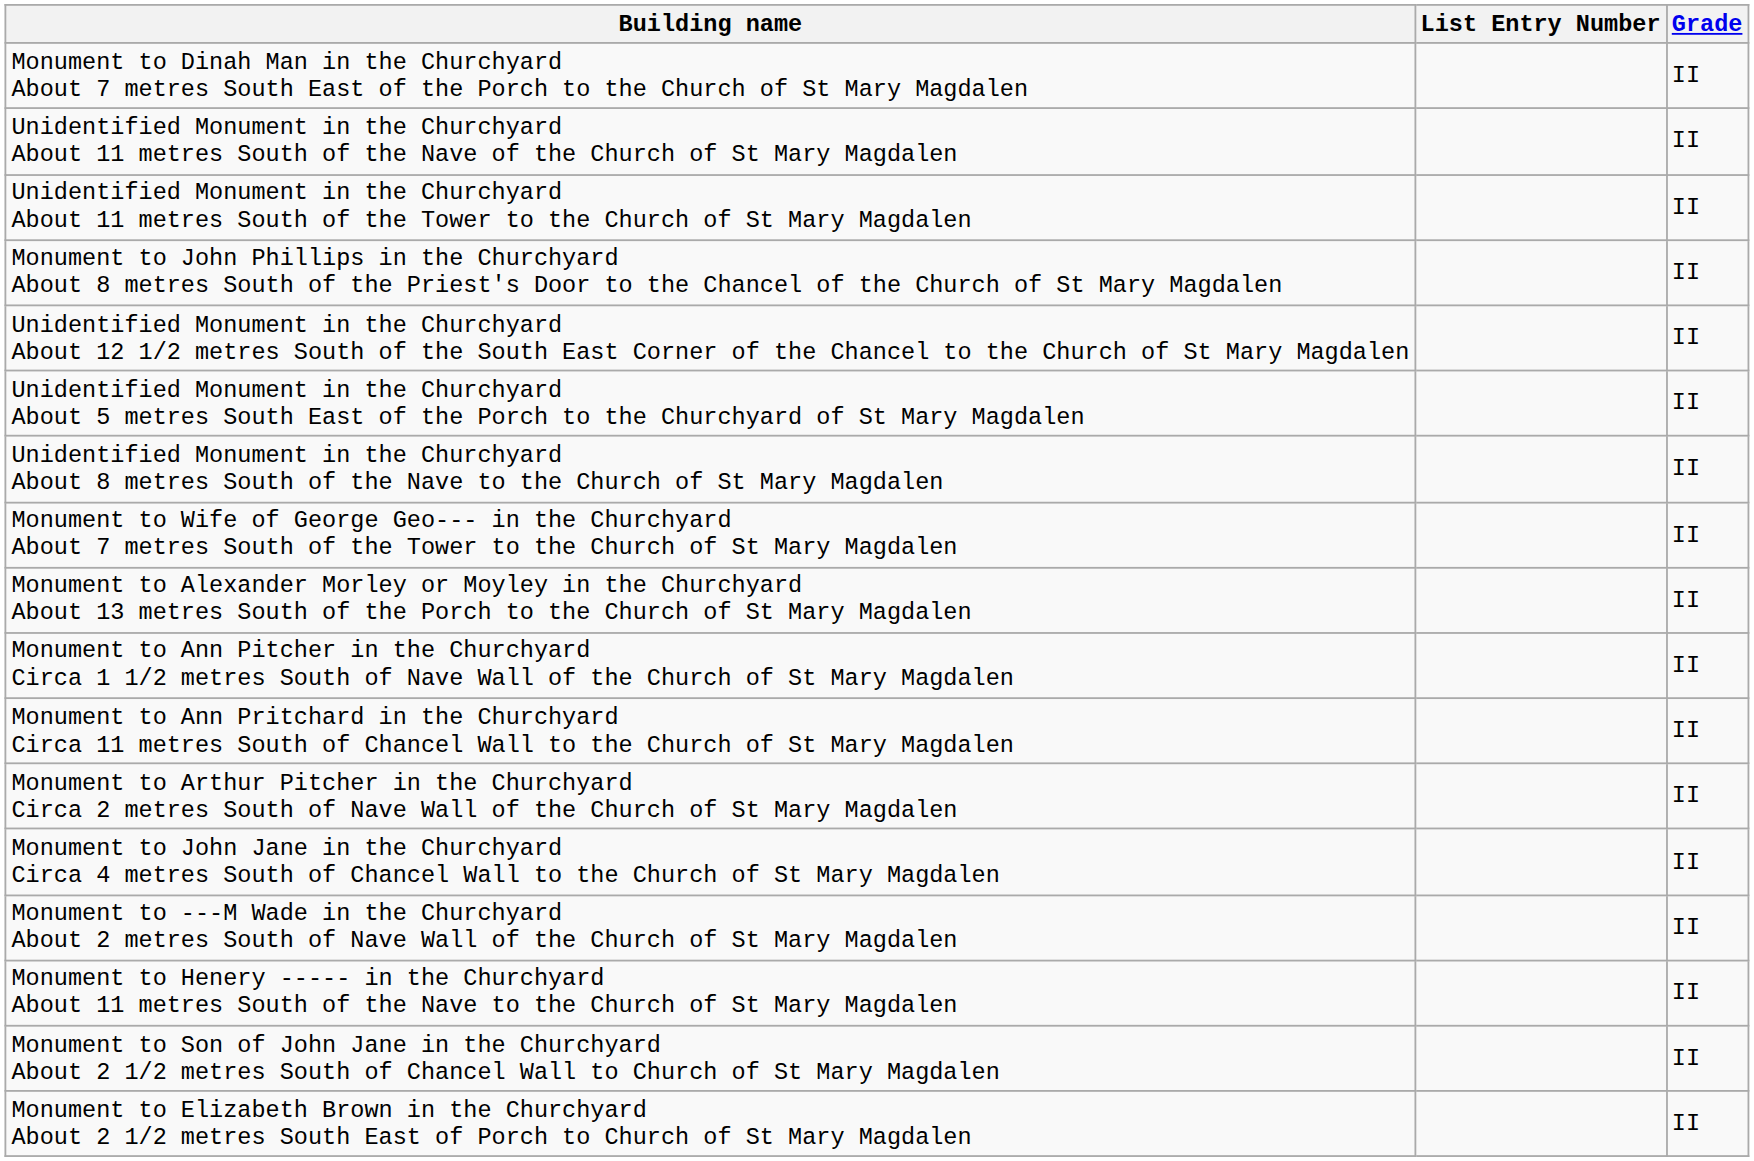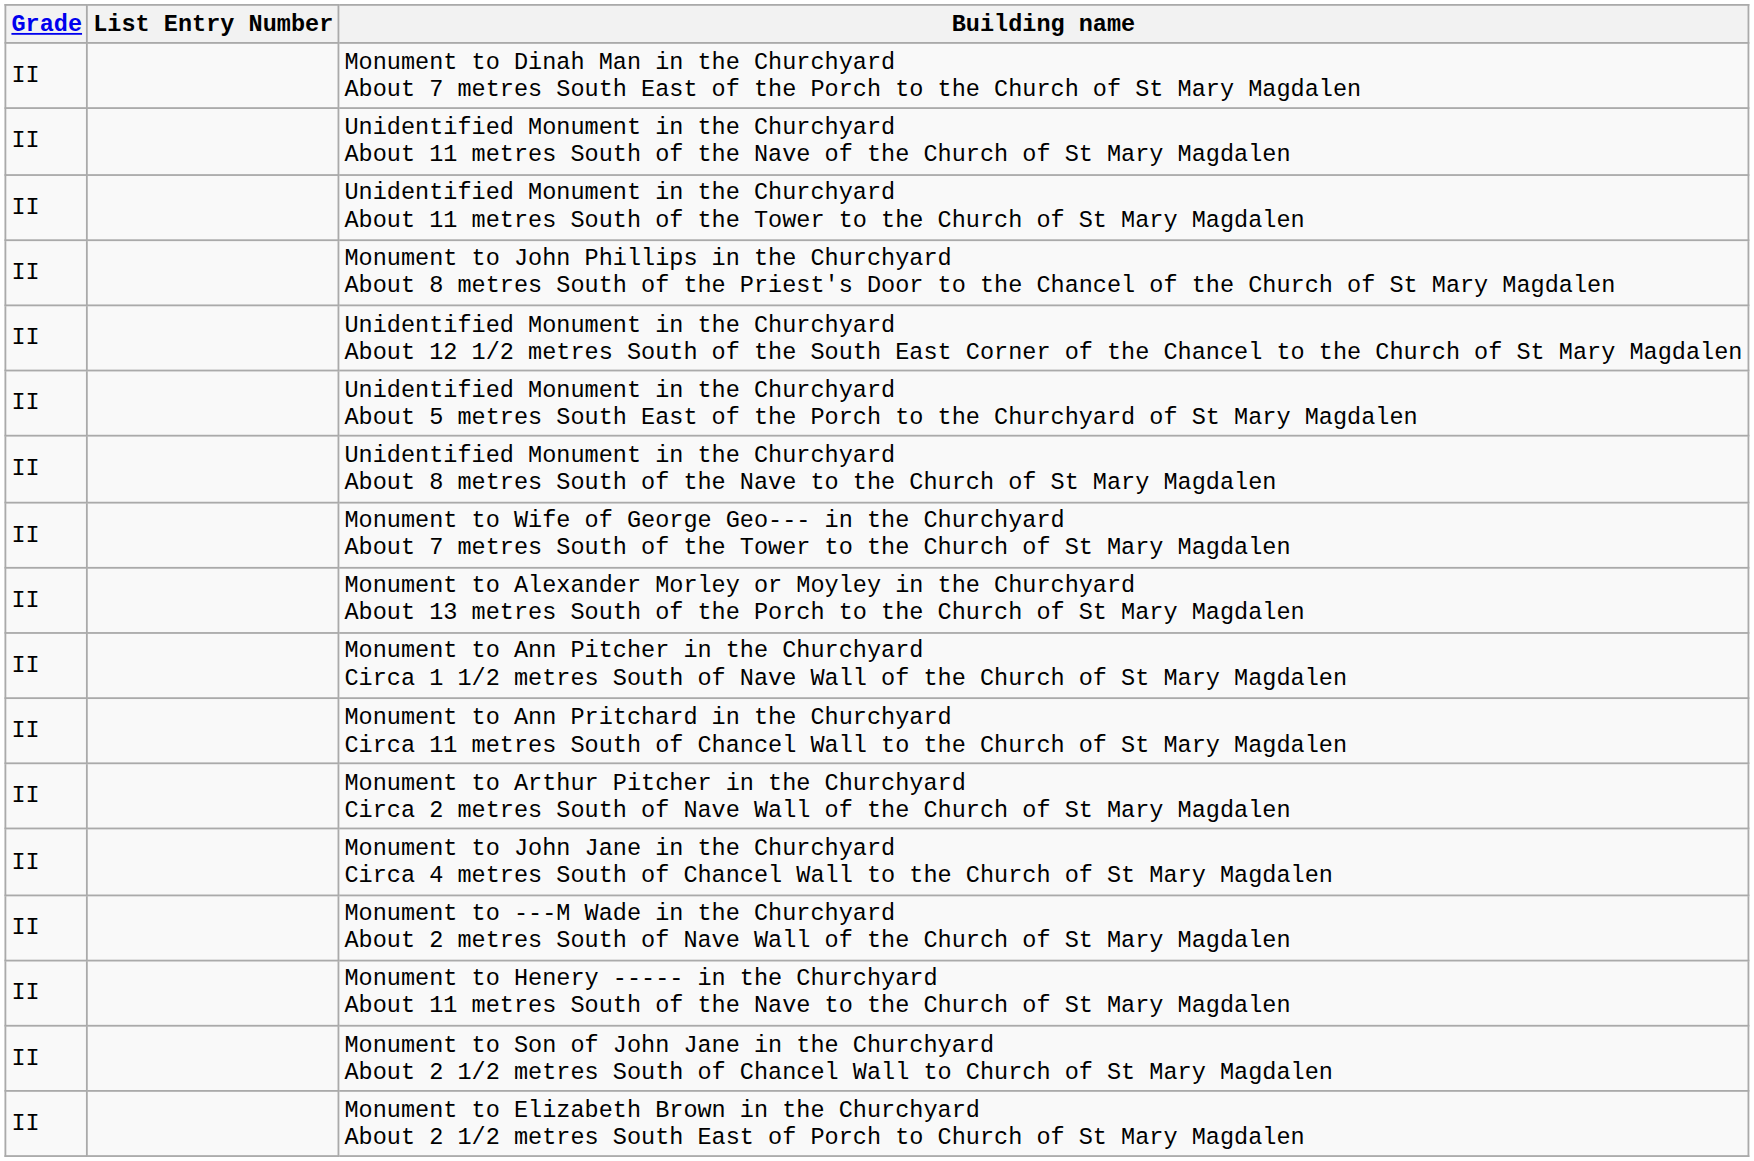 <table class="wikitable" style="margin-left: auto; margin-right: auto; border: none;">
 <tr>
+<th><a href='#'>Grade</a></th>
+<th>List Entry Number</th>
 <th>Building name</th>
-<th>List Entry Number</th>
-<th><a href='#'>Grade</a></th>
 </tr>
 <tr>
+<td>II</td>
+<td></td>
 <td>Monument to Dinah Man in the Churchyard<br>About 7 metres South East of the Porch to the Church of St Mary Magdalen</td>
-<td></td>
-<td>II</td>
 </tr>
 <tr>
+<td>II</td>
+<td></td>
 <td>Unidentified Monument in the Churchyard<br>About 11 metres South of the Nave of the Church of St Mary Magdalen</td>
-<td></td>
-<td>II</td>
 </tr>
 <tr>
+<td>II</td>
+<td></td>
 <td>Unidentified Monument in the Churchyard<br>About 11 metres South of the Tower to the Church of St Mary Magdalen</td>
-<td></td>
-<td>II</td>
 </tr>
 <tr>
+<td>II</td>
+<td></td>
 <td>Monument to John Phillips in the Churchyard<br>About 8 metres South of the Priest's Door to the Chancel of the Church of St Mary Magdalen</td>
-<td></td>
-<td>II</td>
 </tr>
 <tr>
+<td>II</td>
+<td></td>
 <td>Unidentified Monument in the Churchyard<br>About 12 1/2 metres South of the South East Corner of the Chancel to the Church of St Mary Magdalen</td>
-<td></td>
-<td>II</td>
 </tr>
 <tr>
+<td>II</td>
+<td></td>
 <td>Unidentified Monument in the Churchyard<br>About 5 metres South East of the Porch to the Churchyard of St Mary Magdalen</td>
-<td></td>
-<td>II</td>
 </tr>
 <tr>
+<td>II</td>
+<td></td>
 <td>Unidentified Monument in the Churchyard<br>About 8 metres South of the Nave to the Church of St Mary Magdalen</td>
-<td></td>
-<td>II</td>
 </tr>
 <tr>
+<td>II</td>
+<td></td>
 <td>Monument to Wife of George Geo--- in the Churchyard<br>About 7 metres South of the Tower to the Church of St Mary Magdalen</td>
-<td></td>
-<td>II</td>
 </tr>
 <tr>
+<td>II</td>
+<td></td>
 <td>Monument to Alexander Morley or Moyley in the Churchyard<br>About 13 metres South of the Porch to the Church of St Mary Magdalen</td>
-<td></td>
-<td>II</td>
 </tr>
 <tr>
+<td>II</td>
+<td></td>
 <td>Monument to Ann Pitcher in the Churchyard<br>Circa 1 1/2 metres South of Nave Wall of the Church of St Mary Magdalen</td>
-<td></td>
-<td>II</td>
 </tr>
 <tr>
+<td>II</td>
+<td></td>
 <td>Monument to Ann Pritchard in the Churchyard<br>Circa 11 metres South of Chancel Wall to the Church of St Mary Magdalen</td>
-<td></td>
-<td>II</td>
 </tr>
 <tr>
+<td>II</td>
+<td></td>
 <td>Monument to Arthur Pitcher in the Churchyard<br>Circa 2 metres South of Nave Wall of the Church of St Mary Magdalen</td>
-<td></td>
-<td>II</td>
 </tr>
 <tr>
+<td>II</td>
+<td></td>
 <td>Monument to John Jane in the Churchyard<br>Circa 4 metres South of Chancel Wall to the Church of St Mary Magdalen</td>
-<td></td>
-<td>II</td>
 </tr>
 <tr>
+<td>II</td>
+<td></td>
 <td>Monument to ---M Wade in the Churchyard<br>About 2 metres South of Nave Wall of the Church of St Mary Magdalen</td>
-<td></td>
-<td>II</td>
 </tr>
 <tr>
+<td>II</td>
+<td></td>
 <td>Monument to Henery ----- in the Churchyard<br>About 11 metres South of the Nave to the Church of St Mary Magdalen</td>
-<td></td>
-<td>II</td>
 </tr>
 <tr>
+<td>II</td>
+<td></td>
 <td>Monument to Son of John Jane in the Churchyard<br>About 2 1/2 metres South of Chancel Wall to Church of St Mary Magdalen</td>
-<td></td>
-<td>II</td>
 </tr>
 <tr>
+<td>II</td>
+<td></td>
 <td>Monument to Elizabeth Brown in the Churchyard<br>About 2 1/2 metres South East of Porch to Church of St Mary Magdalen</td>
-<td></td>
-<td>II</td>
 </tr>
 </table>
